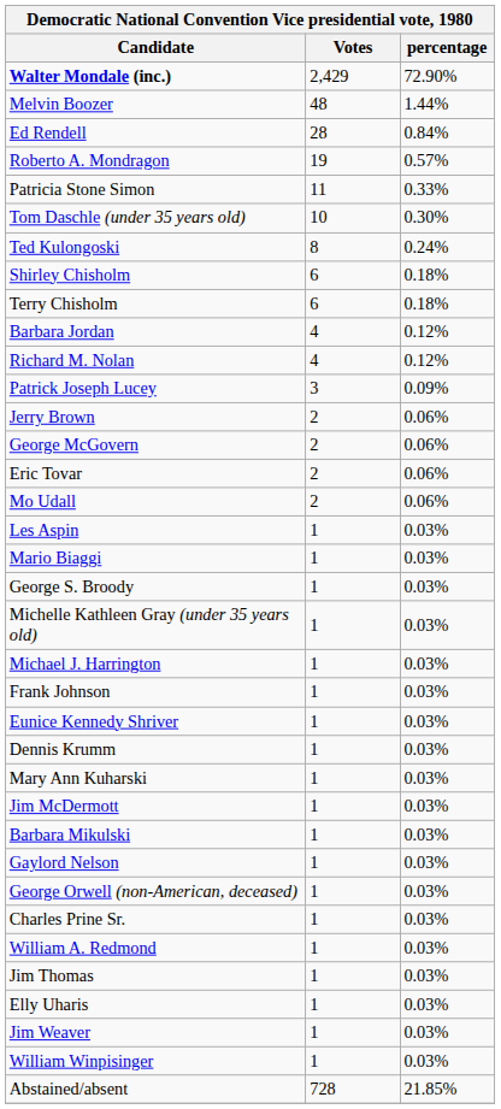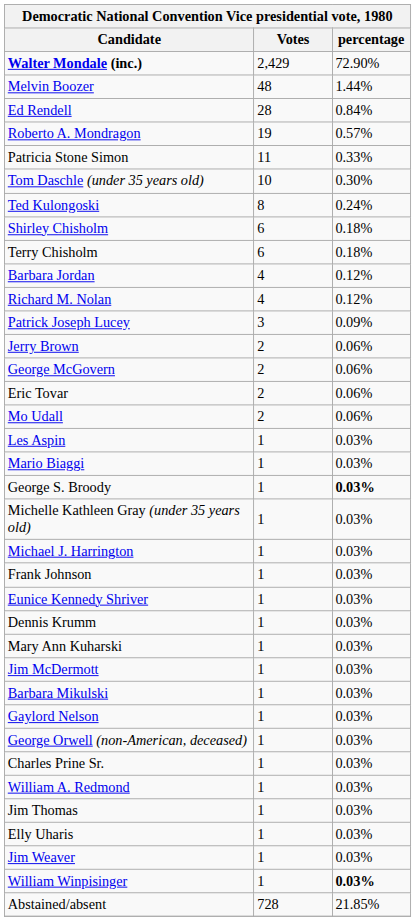 <table class="wikitable" style="font-size:95%;">
 <tr>
 <th colspan="3">Democratic National Convention Vice presidential vote, 1980</th>
 </tr>
 <tr bgcolor="#EEEEEE" align="center">
 <th style="width: 17em">Candidate</th>
 <th style="width: 5em">Votes</th>
 <th style="width: 5em">percentage</th>
 </tr>
 <tr>
 <td><strong><a href='#'>Walter Mondale</a> (inc.)</strong></td>
 <td>2,429</td>
 <td>72.90%</td>
 </tr>
 <tr>
 <td><a href='#'>Melvin Boozer</a></td>
 <td>48</td>
 <td>1.44%</td>
 </tr>
 <tr>
 <td><a href='#'>Ed Rendell</a></td>
 <td>28</td>
 <td>0.84%</td>
 </tr>
 <tr>
 <td><a href='#'>Roberto A. Mondragon</a></td>
 <td>19</td>
 <td>0.57%</td>
 </tr>
 <tr>
 <td>Patricia Stone Simon</td>
 <td>11</td>
 <td>0.33%</td>
 </tr>
 <tr>
 <td><a href='#'>Tom Daschle</a> <em>(under 35 years old)</em></td>
 <td>10</td>
 <td>0.30%</td>
 </tr>
 <tr>
 <td><a href='#'>Ted Kulongoski</a></td>
 <td>8</td>
 <td>0.24%</td>
 </tr>
 <tr>
 <td><a href='#'>Shirley Chisholm</a></td>
 <td>6</td>
 <td>0.18%</td>
 </tr>
 <tr>
 <td>Terry Chisholm</td>
 <td>6</td>
 <td>0.18%</td>
 </tr>
 <tr>
 <td><a href='#'>Barbara Jordan</a></td>
 <td>4</td>
 <td>0.12%</td>
 </tr>
 <tr>
 <td><a href='#'>Richard M. Nolan</a></td>
 <td>4</td>
 <td>0.12%</td>
 </tr>
 <tr>
 <td><a href='#'>Patrick Joseph Lucey</a></td>
 <td>3</td>
 <td>0.09%</td>
 </tr>
 <tr>
 <td><a href='#'>Jerry Brown</a></td>
 <td>2</td>
 <td>0.06%</td>
 </tr>
 <tr>
 <td><a href='#'>George McGovern</a></td>
 <td>2</td>
 <td>0.06%</td>
 </tr>
 <tr>
 <td>Eric Tovar</td>
 <td>2</td>
 <td>0.06%</td>
 </tr>
 <tr>
 <td><a href='#'>Mo Udall</a></td>
 <td>2</td>
 <td>0.06%</td>
 </tr>
 <tr>
 <td><a href='#'>Les Aspin</a></td>
 <td>1</td>
 <td>0.03%</td>
 </tr>
 <tr>
 <td><a href='#'>Mario Biaggi</a></td>
 <td>1</td>
 <td>0.03%</td>
 </tr>
 <tr>
 <td>George S. Broody</td>
 <td>1</td>
-<td>0.03%</td>
+<td><strong>0.03%</strong></td>
 </tr>
 <tr>
 <td>Michelle Kathleen Gray <em>(under 35 years old)</em></td>
 <td>1</td>
 <td>0.03%</td>
 </tr>
 <tr>
 <td><a href='#'>Michael J. Harrington</a></td>
 <td>1</td>
 <td>0.03%</td>
 </tr>
 <tr>
 <td>Frank Johnson</td>
 <td>1</td>
 <td>0.03%</td>
 </tr>
 <tr>
 <td><a href='#'>Eunice Kennedy Shriver</a></td>
 <td>1</td>
 <td>0.03%</td>
 </tr>
 <tr>
 <td>Dennis Krumm</td>
 <td>1</td>
 <td>0.03%</td>
 </tr>
 <tr>
 <td>Mary Ann Kuharski</td>
 <td>1</td>
 <td>0.03%</td>
 </tr>
 <tr>
 <td><a href='#'>Jim McDermott</a></td>
 <td>1</td>
 <td>0.03%</td>
 </tr>
 <tr>
 <td><a href='#'>Barbara Mikulski</a></td>
 <td>1</td>
 <td>0.03%</td>
 </tr>
 <tr>
 <td><a href='#'>Gaylord Nelson</a></td>
 <td>1</td>
 <td>0.03%</td>
 </tr>
 <tr>
 <td><a href='#'>George Orwell</a> <em>(non-American, deceased)</em></td>
 <td>1</td>
 <td>0.03%</td>
 </tr>
 <tr>
 <td>Charles Prine Sr.</td>
 <td>1</td>
 <td>0.03%</td>
 </tr>
 <tr>
 <td><a href='#'>William A. Redmond</a></td>
 <td>1</td>
 <td>0.03%</td>
 </tr>
 <tr>
 <td>Jim Thomas</td>
 <td>1</td>
 <td>0.03%</td>
 </tr>
 <tr>
 <td>Elly Uharis</td>
 <td>1</td>
 <td>0.03%</td>
 </tr>
 <tr>
 <td><a href='#'>Jim Weaver</a></td>
 <td>1</td>
 <td>0.03%</td>
 </tr>
 <tr>
 <td><a href='#'>William Winpisinger</a></td>
 <td>1</td>
-<td>0.03%</td>
+<td><strong>0.03%</strong></td>
 </tr>
 <tr>
 <td>Abstained/absent</td>
 <td>728</td>
 <td>21.85%</td>
 </tr>
 <tr>
 </tr>
 </table>
